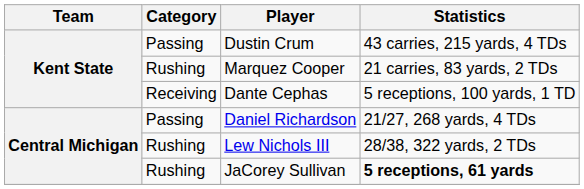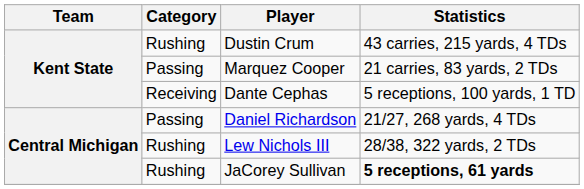 <table class="wikitable" style="float: left;">
 <tr>
 <th>Team</th>
 <th>Category</th>
 <th>Player</th>
 <th>Statistics</th>
 </tr>
 <tr>
 <th rowspan=3>Kent State</th>
-<td>Passing</td>
+<td>Rushing</td>
 <td>Dustin Crum</td>
 <td>43 carries, 215 yards, 4 TDs</td>
 </tr>
 <tr>
-<td>Rushing</td>
+<td>Passing</td>
 <td>Marquez Cooper</td>
 <td>21 carries, 83 yards, 2 TDs</td>
 </tr>
 <tr>
 <td>Receiving</td>
 <td>Dante Cephas</td>
 <td>5 receptions, 100 yards, 1 TD</td>
 </tr>
 <tr>
 <th rowspan=3 style=>Central Michigan</th>
 <td>Passing</td>
 <td><a href='#'>Daniel Richardson</a></td>
 <td>21/27, 268 yards, 4 TDs</td>
 </tr>
 <tr>
 <td>Rushing</td>
 <td><a href='#'>Lew Nichols III</a></td>
 <td>28/38, 322 yards, 2 TDs</td>
 </tr>
 <tr>
 <td>Rushing</td>
 <td>JaCorey Sullivan</td>
 <td><strong>5 receptions, 61 yards</strong></td>
 </tr>
 <tr>
 </tr>
 </table>
